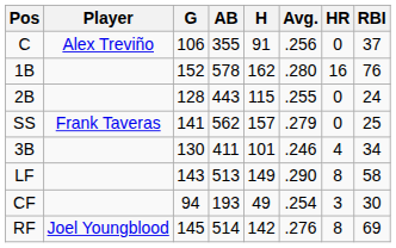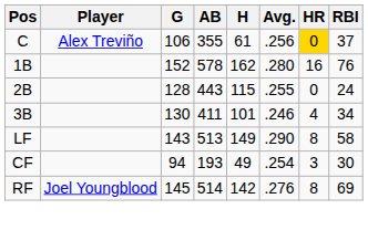 <table class="wikitable sortable">
 <tr>
 <th>Pos</th>
 <th>Player</th>
 <th>G</th>
 <th>AB</th>
 <th>H</th>
 <th>Avg.</th>
 <th>HR</th>
 <th>RBI</th>
 </tr>
 <tr style="text-align:center;">
 <td>C</td>
 <td><a href='#'>Alex Treviño</a></td>
 <td>106</td>
 <td>355</td>
-<td>91</td>
+<td>61</td>
 <td>.256</td>
-<td>0</td>
+<td style="background: gold;">0</td>
 <td>37</td>
 </tr>
 <tr align=center>
 <td>1B</td>
 <td></td>
 <td>152</td>
 <td>578</td>
 <td>162</td>
 <td>.280</td>
 <td>16</td>
 <td>76</td>
 </tr>
 <tr style="text-align:center;">
 <td>2B</td>
 <td></td>
 <td>128</td>
 <td>443</td>
 <td>115</td>
 <td>.255</td>
 <td>0</td>
 <td>24</td>
-</tr>
-<tr style="text-align:center;">
-<td>SS</td>
-<td><a href='#'>Frank Taveras</a></td>
-<td>141</td>
-<td>562</td>
-<td>157</td>
-<td>.279</td>
-<td>0</td>
-<td>25</td>
 </tr>
 <tr align=center>
 <td>3B</td>
 <td></td>
 <td>130</td>
 <td>411</td>
 <td>101</td>
 <td>.246</td>
 <td>4</td>
 <td>34</td>
 </tr>
 <tr style="text-align:center;">
 <td>LF</td>
 <td></td>
 <td>143</td>
 <td>513</td>
 <td>149</td>
 <td>.290</td>
 <td>8</td>
 <td>58</td>
 </tr>
 <tr style="text-align:center;">
 <td>CF</td>
 <td></td>
 <td>94</td>
 <td>193</td>
 <td>49</td>
 <td>.254</td>
 <td>3</td>
 <td>30</td>
 </tr>
 <tr align=center>
 <td>RF</td>
 <td><a href='#'>Joel Youngblood</a></td>
 <td>145</td>
 <td>514</td>
 <td>142</td>
 <td>.276</td>
 <td>8</td>
 <td>69</td>
 </tr>
 </table>
